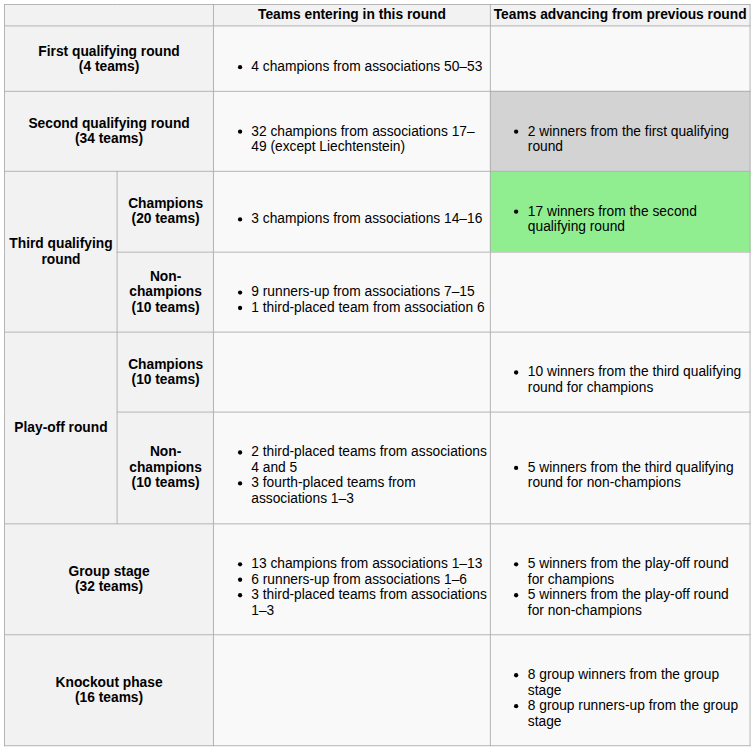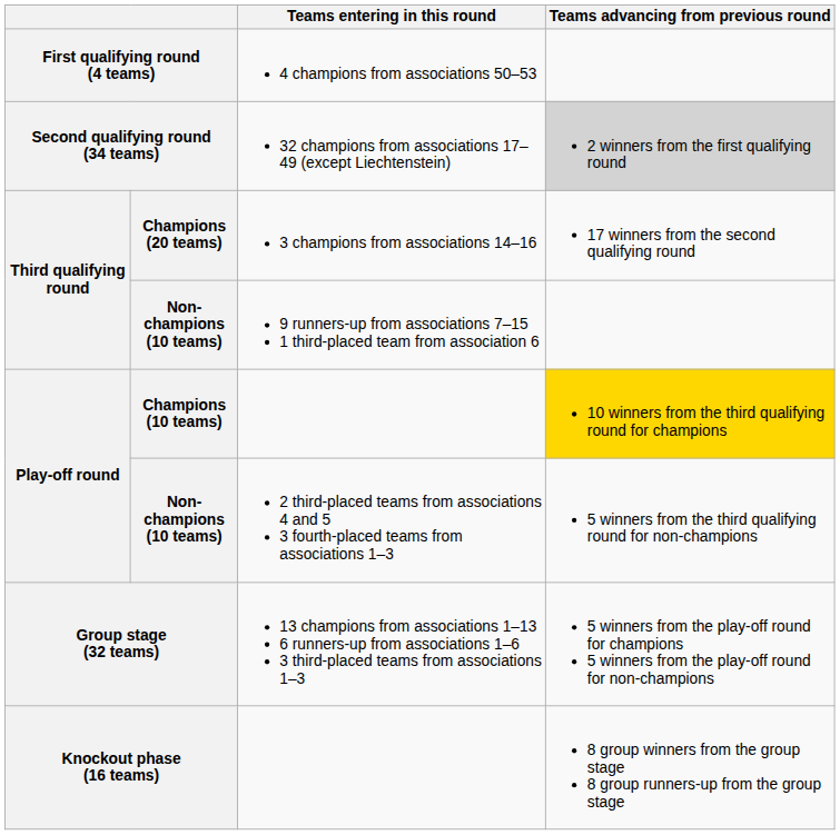 <table class="wikitable">
 <tr>
 <th colspan=2></th>
 <th>Teams entering in this round</th>
 <th>Teams advancing from previous round</th>
 </tr>
 <tr>
 <th colspan=2>First qualifying round<br> (4 teams)</th>
 <td><br><ul><li>4 champions from associations 50–53</li></ul></td>
 <td></td>
 </tr>
 <tr>
 <th colspan=2>Second qualifying round<br> (34 teams)</th>
 <td><br><ul><li>32 champions from associations 17–49 (except Liechtenstein)</li></ul></td>
 <td style="background: lightgrey;"><br><ul><li>2 winners from the first qualifying round</li></ul></td>
 </tr>
 <tr>
 <th rowspan=2>Third qualifying round</th>
 <th>Champions<br> (20 teams)</th>
 <td><br><ul><li>3 champions from associations 14–16</li></ul></td>
-<td style="background: lightgreen;"><br><ul><li>17 winners from the second qualifying round</li></ul></td>
+<td><br><ul><li>17 winners from the second qualifying round</li></ul></td>
 </tr>
 <tr>
 <th>Non-champions<br> (10 teams)</th>
 <td><br><ul><li>9 runners-up from associations 7–15</li><li>1 third-placed team from association 6</li></ul></td>
 <td></td>
 </tr>
 <tr>
 <th rowspan=2>Play-off round</th>
 <th>Champions<br> (10 teams)</th>
 <td></td>
-<td><br><ul><li>10 winners from the third qualifying round for champions</li></ul></td>
+<td style="background: gold;"><br><ul><li>10 winners from the third qualifying round for champions</li></ul></td>
 </tr>
 <tr>
 <th>Non-champions<br> (10 teams)</th>
 <td><br><ul><li>2 third-placed teams from associations 4 and 5</li><li>3 fourth-placed teams from associations 1–3</li></ul></td>
 <td><br><ul><li>5 winners from the third qualifying round for non-champions</li></ul></td>
 </tr>
 <tr>
 <th colspan=2>Group stage<br> (32 teams)</th>
 <td><br><ul><li>13 champions from associations 1–13</li><li>6 runners-up from associations 1–6</li><li>3 third-placed teams from associations 1–3</li></ul></td>
 <td><br><ul><li>5 winners from the play-off round for champions</li><li>5 winners from the play-off round for non-champions</li></ul></td>
 </tr>
 <tr>
 <th colspan=2>Knockout phase<br> (16 teams)</th>
 <td></td>
 <td><br><ul><li>8 group winners from the group stage</li><li>8 group runners-up from the group stage</li></ul></td>
 </tr>
 </table>
